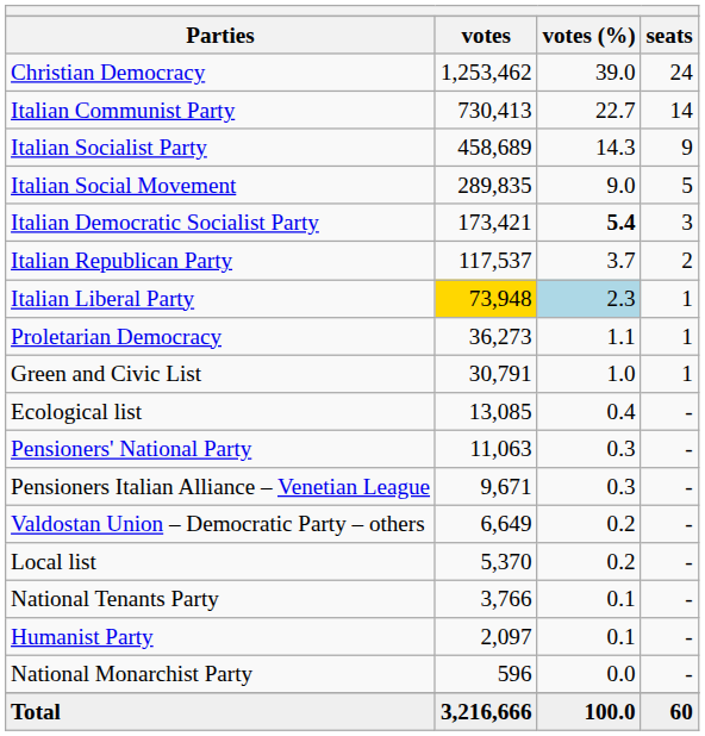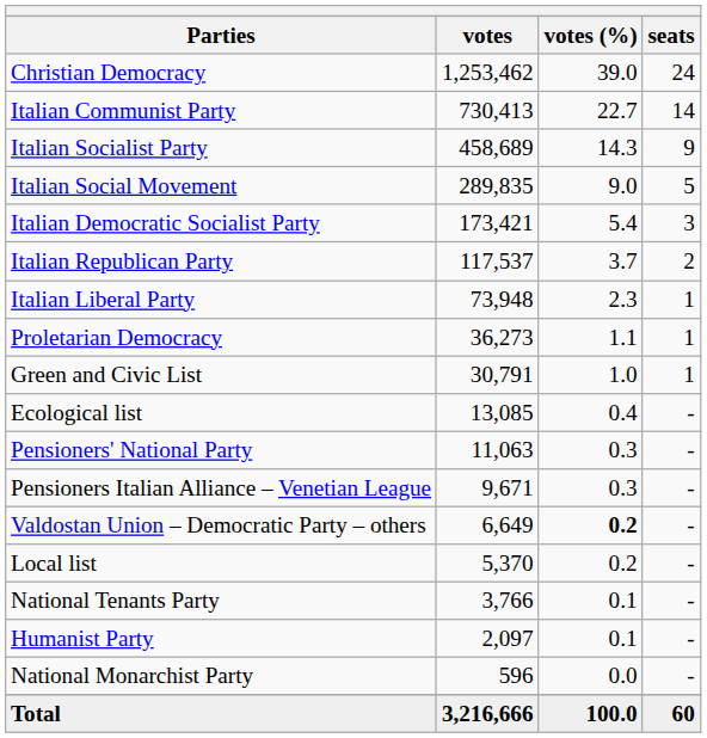 <table class="wikitable" style="font-size:95%">
 <tr>
 <th colspan=4></th>
 </tr>
 <tr>
 </tr>
 <tr bgcolor="EFEFEF">
 <th>Parties</th>
 <th>votes</th>
 <th>votes (%)</th>
 <th>seats</th>
 </tr>
 <tr>
 <td><a href='#'>Christian Democracy</a></td>
 <td align=right>1,253,462</td>
 <td align=right>39.0</td>
 <td align=right>24</td>
 </tr>
 <tr>
 <td><a href='#'>Italian Communist Party</a></td>
 <td align=right>730,413</td>
 <td align=right>22.7</td>
 <td align=right>14</td>
 </tr>
 <tr>
 <td><a href='#'>Italian Socialist Party</a></td>
 <td align=right>458,689</td>
 <td align=right>14.3</td>
 <td align=right>9</td>
 </tr>
 <tr>
 <td><a href='#'>Italian Social Movement</a></td>
 <td align=right>289,835</td>
 <td align=right>9.0</td>
 <td align=right>5</td>
 </tr>
 <tr>
 <td><a href='#'>Italian Democratic Socialist Party</a></td>
 <td align=right>173,421</td>
-<td align=right><strong>5.4</strong></td>
+<td align=right>5.4</td>
 <td align=right>3</td>
 </tr>
 <tr>
 <td><a href='#'>Italian Republican Party</a></td>
 <td align=right>117,537</td>
 <td align=right>3.7</td>
 <td align=right>2</td>
 </tr>
 <tr>
 <td><a href='#'>Italian Liberal Party</a></td>
-<td align=right style="background: gold;">73,948</td>
-<td align=right style="background: lightblue;">2.3</td>
+<td align=right>73,948</td>
+<td align=right>2.3</td>
 <td align=right>1</td>
 </tr>
 <tr>
 <td><a href='#'>Proletarian Democracy</a></td>
 <td align=right>36,273</td>
 <td align=right>1.1</td>
 <td align=right>1</td>
 </tr>
 <tr>
 <td>Green and Civic List</td>
 <td align=right>30,791</td>
 <td align=right>1.0</td>
 <td align=right>1</td>
 </tr>
 <tr>
 <td>Ecological list</td>
 <td align=right>13,085</td>
 <td align=right>0.4</td>
 <td align=right>-</td>
 </tr>
 <tr>
 <td><a href='#'>Pensioners' National Party</a></td>
 <td align=right>11,063</td>
 <td align=right>0.3</td>
 <td align=right>-</td>
 </tr>
 <tr>
 <td>Pensioners Italian Alliance – <a href='#'>Venetian League</a></td>
 <td align=right>9,671</td>
 <td align=right>0.3</td>
 <td align=right>-</td>
 </tr>
 <tr>
 <td><a href='#'>Valdostan Union</a> – Democratic Party – others</td>
 <td align=right>6,649</td>
-<td align=right>0.2</td>
+<td align=right><strong>0.2</strong></td>
 <td align=right>-</td>
 </tr>
 <tr>
 <td>Local list</td>
 <td align=right>5,370</td>
 <td align=right>0.2</td>
 <td align=right>-</td>
 </tr>
 <tr>
 <td>National Tenants Party</td>
 <td align=right>3,766</td>
 <td align=right>0.1</td>
 <td align=right>-</td>
 </tr>
 <tr>
 <td><a href='#'>Humanist Party</a></td>
 <td align=right>2,097</td>
 <td align=right>0.1</td>
 <td align=right>-</td>
 </tr>
 <tr>
 <td>National Monarchist Party</td>
 <td align=right>596</td>
 <td align=right>0.0</td>
 <td align=right>-</td>
 </tr>
 <tr>
 </tr>
 <tr bgcolor="EFEFEF">
 <td><strong>Total</strong></td>
 <td align=right><strong>3,216,666</strong></td>
 <td align=right><strong>100.0</strong></td>
 <td align=right><strong>60</strong></td>
 </tr>
 </table>
